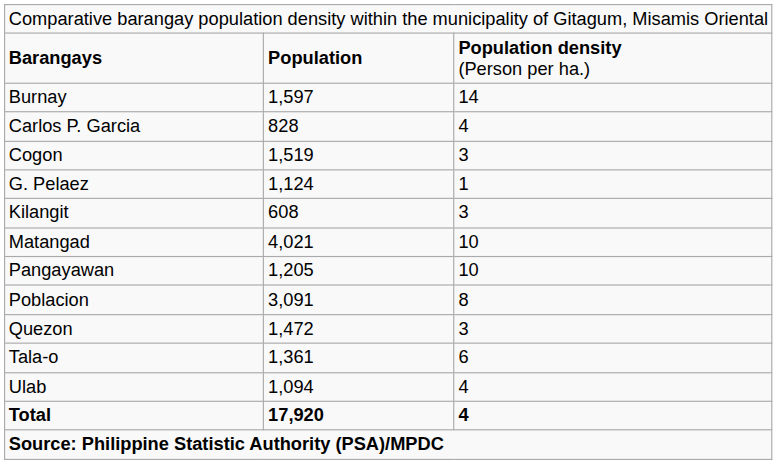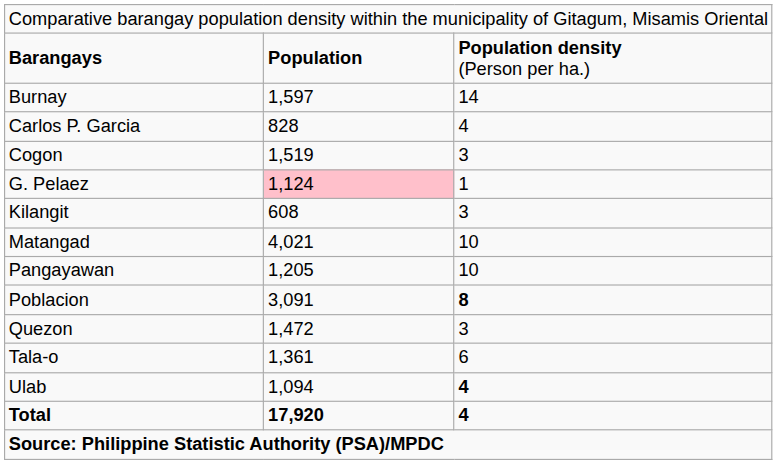 <table class="wikitable">
 <tr>
 <td colspan="3">Comparative barangay population density within the municipality of Gitagum, Misamis Oriental</td>
 </tr>
 <tr>
 <td><strong>Barangays</strong></td>
 <td><strong>Population</strong></td>
 <td><strong>Population density</strong><br>(Person per ha.)</td>
 </tr>
 <tr>
 <td>Burnay</td>
 <td>1,597</td>
 <td>14</td>
 </tr>
 <tr>
 <td>Carlos P. Garcia</td>
 <td>828</td>
 <td>4</td>
 </tr>
 <tr>
 <td>Cogon</td>
 <td>1,519</td>
 <td>3</td>
 </tr>
 <tr>
 <td>G. Pelaez</td>
-<td>1,124</td>
+<td style="background: pink;">1,124</td>
 <td>1</td>
 </tr>
 <tr>
 <td>Kilangit</td>
 <td>608</td>
 <td>3</td>
 </tr>
 <tr>
 <td>Matangad</td>
 <td>4,021</td>
 <td>10</td>
 </tr>
 <tr>
 <td>Pangayawan</td>
 <td>1,205</td>
 <td>10</td>
 </tr>
 <tr>
 <td>Poblacion</td>
 <td>3,091</td>
-<td>8</td>
+<td><strong>8</strong></td>
 </tr>
 <tr>
 <td>Quezon</td>
 <td>1,472</td>
 <td>3</td>
 </tr>
 <tr>
 <td>Tala-o</td>
 <td>1,361</td>
 <td>6</td>
 </tr>
 <tr>
 <td>Ulab</td>
 <td>1,094</td>
-<td>4</td>
+<td><strong>4</strong></td>
 </tr>
 <tr>
 <td><strong>Total</strong></td>
 <td><strong>17,920</strong></td>
 <td><strong>4</strong></td>
 </tr>
 <tr>
 <td colspan="3"><strong>Source: Philippine Statistic Authority (PSA)/MPDC</strong></td>
 </tr>
 </table>
